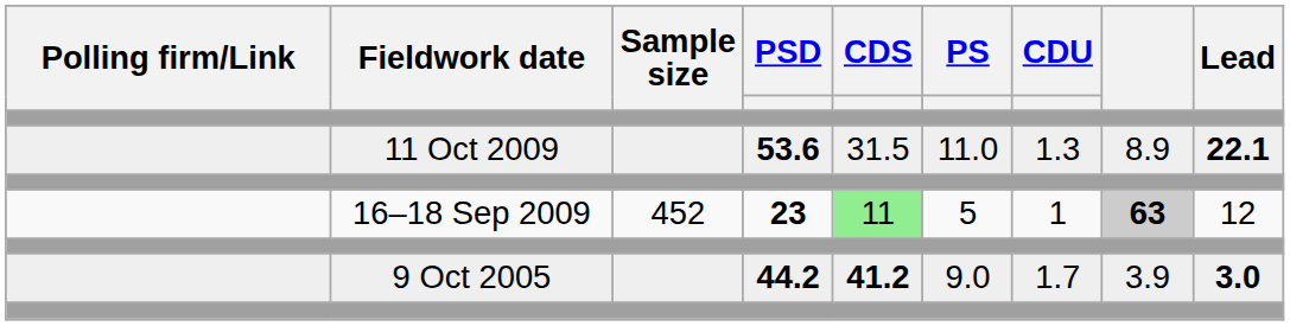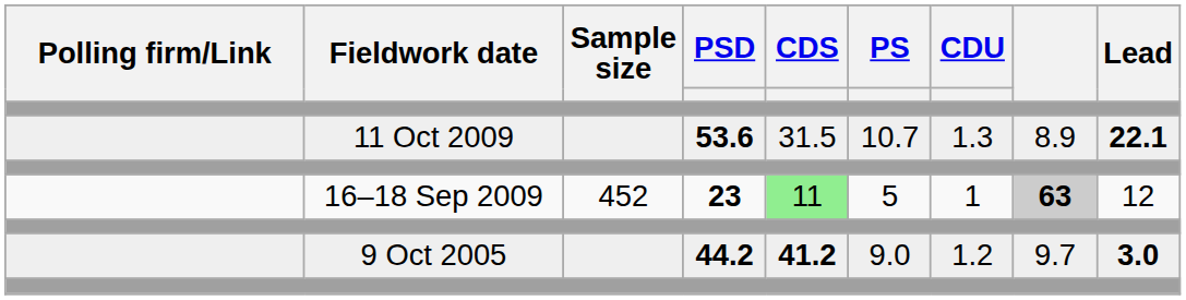 <table class="wikitable collapsible sortable" style="text-align:center; font-size:95%; line-height:16px;">
 <tr style="height:42px;">
 <th style="width:145px;" rowspan="2">Polling firm/Link</th>
 <th style="width:125px;" rowspan="2">Fieldwork date</th>
 <th class="unsortable" style="width:50px;" rowspan="2">Sample size</th>
 <th class="unsortable" style="width:35px;"><a href='#'>PSD</a></th>
 <th class="unsortable" style="width:35px;"><a href='#'>CDS</a></th>
 <th class="unsortable" style="width:35px;"><a href='#'>PS</a></th>
 <th class="unsortable" style="width:35px;"><a href='#'>CDU</a></th>
 <th class="unsortable" style="width:35px;" rowspan="2"></th>
 <th class="unsortable" style="width:30px;" rowspan="2">Lead</th>
 </tr>
 <tr>
 <th class="unsortable" style="color:inherit;background:"></th>
 <th class="unsortable" style="color:inherit;background:"></th>
 <th class="unsortable" style="color:inherit;background:"></th>
 <th class="unsortable" style="color:inherit;background:"></th>
 </tr>
 <tr>
 <td colspan="13" style="background:#A0A0A0"></td>
 </tr>
 <tr style="background:#EFEFEF;">
 <td><strong></strong></td>
 <td data-sort-value="2019-10-06">11 Oct 2009</td>
 <td></td>
 <td><strong>53.6</strong><br></td>
 <td>31.5<br></td>
-<td>11.0<br></td>
+<td>10.7<br></td>
 <td>1.3<br></td>
 <td>8.9</td>
 <td style="background:"><strong>22.1</strong></td>
 </tr>
 <tr>
 <td colspan="13" style="background:#A0A0A0"></td>
 </tr>
 <tr>
 <td align="center"></td>
 <td align="center">16–18 Sep 2009</td>
 <td>452</td>
 <td align="center" ><strong>23</strong></td>
 <td align="center" style="background: lightgreen;">11</td>
 <td align="center">5</td>
 <td align="center">1</td>
 <td align="center" style="background:#cccccc"><strong>63</strong></td>
 <td style="background:">12</td>
 </tr>
 <tr>
 <td colspan="13" style="background:#A0A0A0"></td>
 </tr>
 <tr style="background:#EFEFEF;">
 <td><strong></strong></td>
 <td data-sort-value="2019-10-06">9 Oct 2005</td>
 <td></td>
 <td><strong>44.2</strong><br></td>
 <td><strong>41.2<br></strong></td>
 <td>9.0<br></td>
-<td>1.7<br></td>
-<td>3.9</td>
+<td>1.2<br></td>
+<td>9.7</td>
 <td style="background:"><strong>3.0</strong></td>
 </tr>
 <tr>
 <td colspan="13" style="background:#A0A0A0"></td>
 </tr>
 <tr>
 </tr>
 </table>
